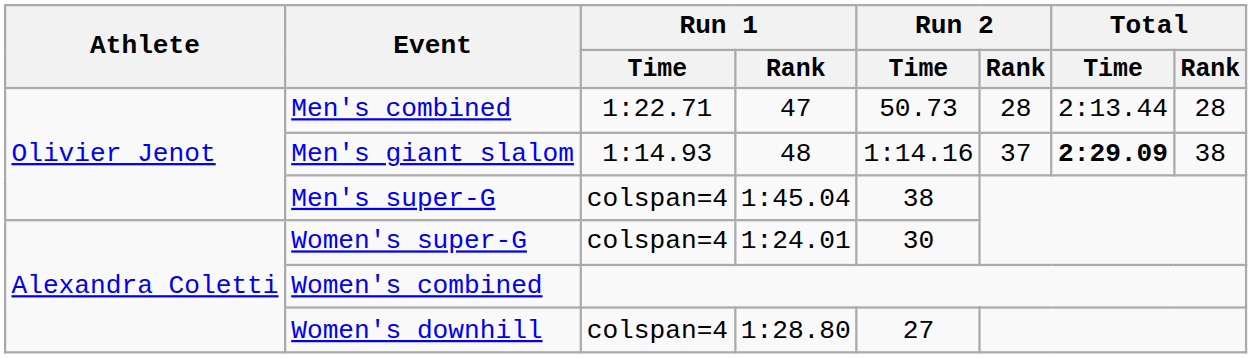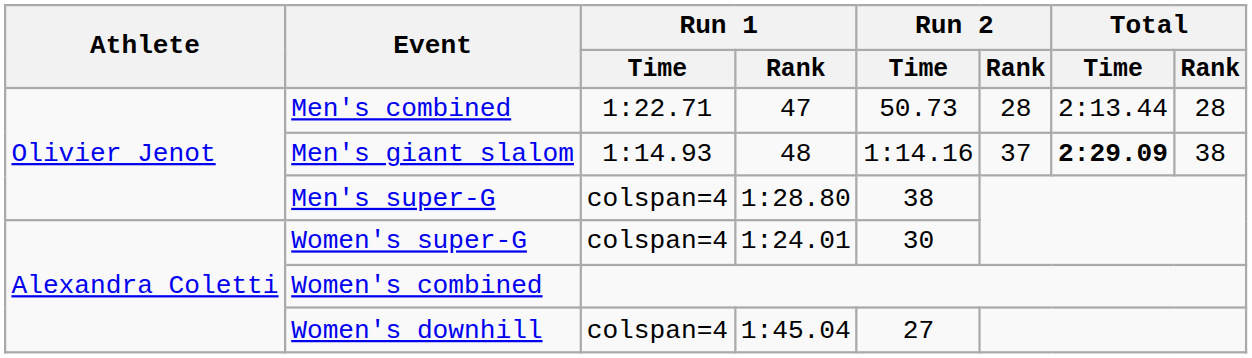 <table class="wikitable" style="font-size:90%">
 <tr>
 <th rowspan=2>Athlete</th>
 <th rowspan=2>Event</th>
 <th colspan=2>Run 1</th>
 <th colspan=2>Run 2</th>
 <th colspan=2>Total</th>
 </tr>
 <tr style="font-size:95%">
 <th>Time</th>
 <th>Rank</th>
 <th>Time</th>
 <th>Rank</th>
 <th>Time</th>
 <th>Rank</th>
 </tr>
 <tr align=center>
 <td align=left rowspan=3><a href='#'>Olivier Jenot</a></td>
 <td align=left><a href='#'>Men's combined</a></td>
 <td>1:22.71</td>
 <td>47</td>
 <td>50.73</td>
 <td>28</td>
 <td>2:13.44</td>
 <td>28</td>
 </tr>
 <tr align=center>
 <td align=left><a href='#'>Men's giant slalom</a></td>
 <td>1:14.93</td>
 <td>48</td>
 <td>1:14.16</td>
 <td>37</td>
 <td><strong>2:29.09</strong></td>
 <td>38</td>
 </tr>
 <tr align=center>
 <td align=left><a href='#'>Men's super-G</a></td>
 <td>colspan=4 </td>
-<td>1:45.04</td>
+<td>1:28.80</td>
 <td>38</td>
 </tr>
 <tr align=center>
 <td align=left rowspan=3><a href='#'>Alexandra Coletti</a></td>
 <td align=left><a href='#'>Women's super-G</a></td>
 <td>colspan=4 </td>
 <td>1:24.01</td>
 <td>30</td>
 </tr>
 <tr align=center>
 <td align=left><a href='#'>Women's combined</a></td>
 <td colspan=6></td>
 </tr>
 <tr align=center>
 <td align=left><a href='#'>Women's downhill</a></td>
 <td>colspan=4 </td>
-<td>1:28.80</td>
+<td>1:45.04</td>
 <td>27</td>
 </tr>
 </table>
